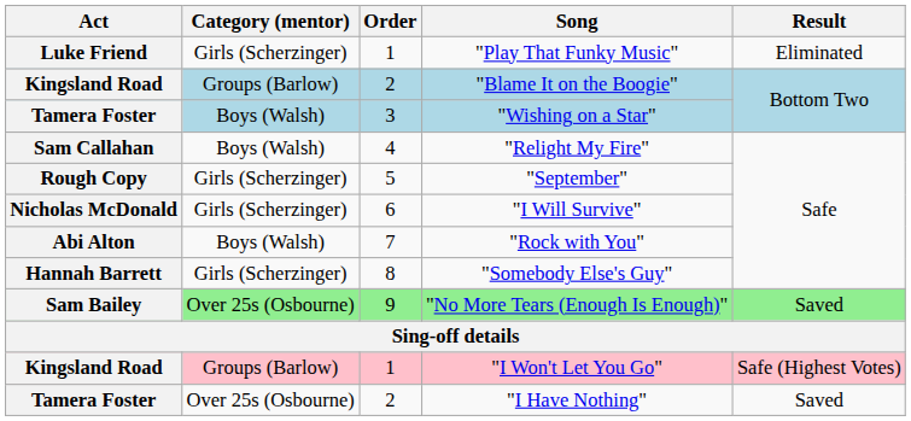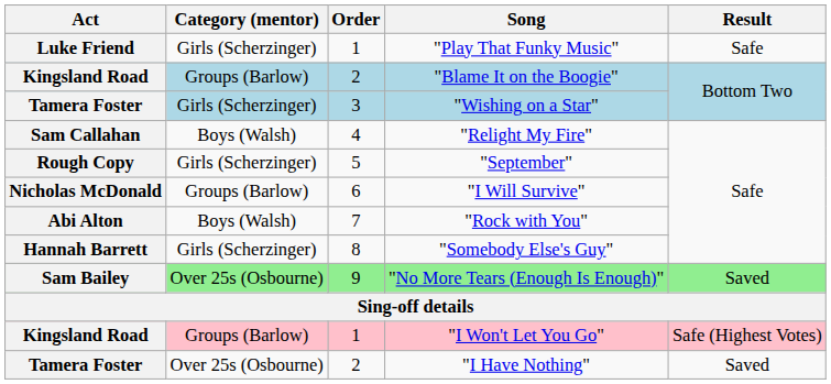 <table class="wikitable plainrowheaders" style="text-align:center;">
 <tr>
 <th scope="col">Act</th>
 <th scope="col">Category (mentor)</th>
 <th scope="col">Order</th>
 <th scope="col">Song</th>
 <th scope="col">Result</th>
 </tr>
 <tr>
 <th scope="row">Luke Friend</th>
 <td>Girls (Scherzinger)</td>
 <td>1</td>
 <td>"<a href='#'>Play That Funky Music</a>"</td>
-<td>Eliminated</td>
+<td>Safe</td>
 </tr>
 <tr style="background:lightblue;">
 <th scope="row">Kingsland Road</th>
 <td>Groups (Barlow)</td>
 <td>2</td>
 <td>"<a href='#'>Blame It on the Boogie</a>"</td>
 <td rowspan=2>Bottom Two</td>
 </tr>
 <tr style="background:lightblue;">
 <th scope="row">Tamera Foster</th>
-<td>Boys (Walsh)</td>
+<td>Girls (Scherzinger)</td>
 <td>3</td>
 <td>"<a href='#'>Wishing on a Star</a>"</td>
 </tr>
 <tr>
 <th scope="row">Sam Callahan</th>
 <td>Boys (Walsh)</td>
 <td>4</td>
 <td>"<a href='#'>Relight My Fire</a>"</td>
 <td rowspan=5>Safe</td>
 </tr>
 <tr>
 <th scope="row">Rough Copy</th>
 <td>Girls (Scherzinger)</td>
 <td>5</td>
 <td>"<a href='#'>September</a>"</td>
 </tr>
 <tr>
 <th scope="row">Nicholas McDonald</th>
-<td>Girls (Scherzinger)</td>
+<td>Groups (Barlow)</td>
 <td>6</td>
 <td>"<a href='#'>I Will Survive</a>"</td>
 </tr>
 <tr>
 <th scope="row">Abi Alton</th>
 <td>Boys (Walsh)</td>
 <td>7</td>
 <td>"<a href='#'>Rock with You</a>"</td>
 </tr>
 <tr>
 <th scope="row">Hannah Barrett</th>
 <td>Girls (Scherzinger)</td>
 <td>8</td>
 <td>"<a href='#'>Somebody Else's Guy</a>"</td>
 </tr>
 <tr style="background:lightgreen;">
 <th scope="row">Sam Bailey</th>
 <td>Over 25s (Osbourne)</td>
 <td>9</td>
 <td>"<a href='#'>No More Tears (Enough Is Enough)</a>"</td>
 <td>Saved</td>
 </tr>
 <tr>
 <th colspan="5">Sing-off details</th>
 </tr>
 <tr style="background:pink;">
 <th scope="row">Kingsland Road</th>
 <td>Groups (Barlow)</td>
 <td>1</td>
 <td>"<a href='#'>I Won't Let You Go</a>"</td>
 <td>Safe (Highest Votes)</td>
 </tr>
 <tr>
 <th scope="row">Tamera Foster</th>
 <td>Over 25s (Osbourne)</td>
 <td>2</td>
 <td>"<a href='#'>I Have Nothing</a>"</td>
 <td>Saved</td>
 </tr>
 </table>
